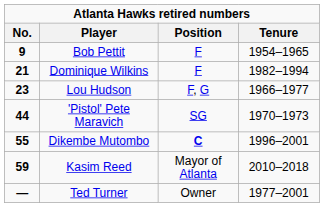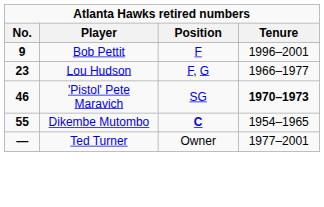 <table class="wikitable sortable" style="text-align:center">
 <tr>
 <td colspan=4><strong>Atlanta Hawks retired numbers</strong></td>
 </tr>
 <tr>
 <th style="width:40px; ">No.</th>
 <th style="width:150px; ">Player</th>
 <th style="width:100px; ">Position</th>
 <th style="width:100px; ">Tenure</th>
 </tr>
 <tr>
 <td><strong>9</strong></td>
 <td><a href='#'>Bob Pettit</a></td>
 <td><a href='#'>F</a></td>
-<td>1954–1965</td>
-</tr>
-<tr>
-<td><strong>21</strong></td>
-<td><a href='#'>Dominique Wilkins</a></td>
-<td><a href='#'>F</a></td>
-<td>1982–1994</td>
+<td>1996–2001</td>
 </tr>
 <tr>
 <td><strong>23</strong></td>
 <td><a href='#'>Lou Hudson</a></td>
 <td><a href='#'>F</a>, <a href='#'>G</a></td>
 <td>1966–1977</td>
 </tr>
 <tr>
-<td><strong>44</strong></td>
+<td><strong>46</strong></td>
 <td><a href='#'>'Pistol' Pete Maravich</a></td>
 <td><a href='#'>SG</a></td>
-<td>1970–1973</td>
+<td><strong>1970–1973</strong></td>
 </tr>
 <tr>
 <td><strong>55</strong></td>
 <td><a href='#'>Dikembe Mutombo</a></td>
 <td><strong><a href='#'>C</a></strong></td>
-<td>1996–2001</td>
-</tr>
-<tr>
-<td><strong>59</strong></td>
-<td><a href='#'>Kasim Reed</a></td>
-<td>Mayor of <a href='#'>Atlanta</a></td>
-<td>2010–2018</td>
+<td>1954–1965</td>
 </tr>
 <tr>
 <td><strong>—</strong></td>
 <td><a href='#'>Ted Turner</a></td>
 <td>Owner</td>
 <td>1977–2001</td>
 </tr>
 </table>
